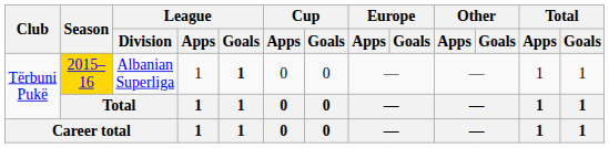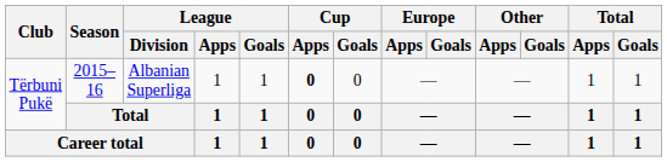 <table class="wikitable" style="text-align: center;">
 <tr>
 <th rowspan="2">Club</th>
 <th rowspan="2">Season</th>
 <th colspan="3">League</th>
 <th colspan="2">Cup</th>
 <th colspan="2">Europe</th>
 <th colspan="2">Other</th>
 <th colspan="2">Total</th>
 </tr>
 <tr>
 <th>Division</th>
 <th>Apps</th>
 <th>Goals</th>
 <th>Apps</th>
 <th>Goals</th>
 <th>Apps</th>
 <th>Goals</th>
 <th>Apps</th>
 <th>Goals</th>
 <th>Apps</th>
 <th>Goals</th>
 </tr>
 <tr>
 <td rowspan="2" valign="center"><a href='#'>Tërbuni Pukë</a></td>
-<td style="background: gold;"><a href='#'>2015–16</a></td>
+<td><a href='#'>2015–16</a></td>
 <td rowspan="1" valign="center"><a href='#'>Albanian Superliga</a></td>
 <td>1</td>
-<td><strong>1</strong></td>
-<td>0</td>
+<td>1</td>
+<td><strong>0</strong></td>
 <td>0</td>
 <td colspan="2">—</td>
 <td colspan="2">—</td>
 <td>1</td>
 <td>1</td>
 </tr>
 <tr>
 <th colspan="2">Total</th>
 <th>1</th>
 <th>1</th>
 <th>0</th>
 <th>0</th>
 <th colspan="2">—</th>
 <th colspan="2">—</th>
 <th>1</th>
 <th>1</th>
 </tr>
 <tr>
 <th colspan="3">Career total</th>
 <th>1</th>
 <th>1</th>
 <th>0</th>
 <th>0</th>
 <th colspan="2">—</th>
 <th colspan="2">—</th>
 <th>1</th>
 <th>1</th>
 </tr>
 </table>
